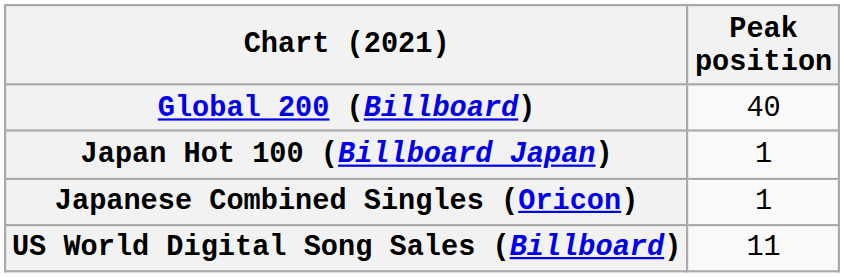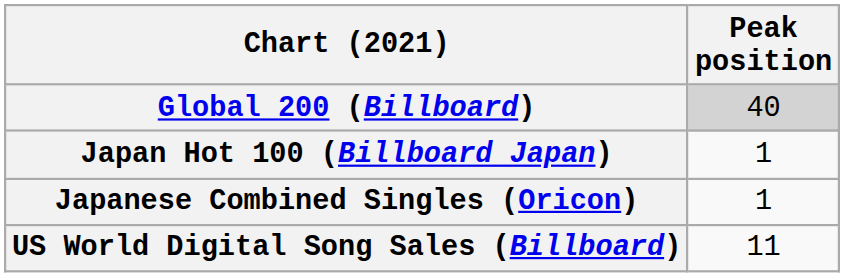 <table class="wikitable sortable plainrowheaders" style="text-align:center">
 <tr>
 <th scope="col">Chart (2021)</th>
 <th scope="col">Peak<br>position</th>
 </tr>
 <tr>
 <th scope="row"><a href='#'>Global 200</a> (<em><a href='#'>Billboard</a></em>)</th>
-<td>40</td>
+<td style="background: lightgrey;">40</td>
 </tr>
 <tr>
 <th scope="row">Japan Hot 100 (<em><a href='#'>Billboard Japan</a></em>)</th>
 <td>1</td>
 </tr>
 <tr>
 <th scope="row">Japanese Combined Singles (<a href='#'>Oricon</a>)</th>
 <td>1</td>
 </tr>
 <tr>
 <th scope="row">US World Digital Song Sales (<em><a href='#'>Billboard</a></em>)</th>
 <td>11</td>
 </tr>
 </table>
